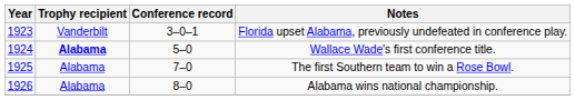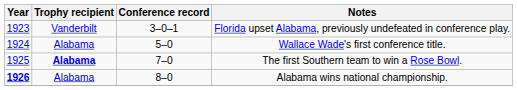 <table class="wikitable sortable">
 <tr>
 <th>Year</th>
 <th>Trophy recipient</th>
 <th>Conference record</th>
 <th>Notes</th>
 </tr>
 <tr align="center">
 <td><a href='#'>1923</a></td>
 <td><a href='#'>Vanderbilt</a></td>
 <td>3–0–1</td>
 <td><a href='#'>Florida</a> upset  <a href='#'>Alabama</a>, previously undefeated in conference play.</td>
 </tr>
 <tr align="center">
 <td><a href='#'>1924</a></td>
-<td><strong><a href='#'>Alabama</a></strong></td>
+<td><a href='#'>Alabama</a></td>
 <td>5–0</td>
 <td><a href='#'>Wallace Wade</a>'s first conference title.</td>
 </tr>
 <tr align="center">
 <td><a href='#'>1925</a></td>
-<td><a href='#'>Alabama</a></td>
+<td><strong><a href='#'>Alabama</a></strong></td>
 <td>7–0</td>
 <td>The first Southern team to win a <a href='#'>Rose Bowl</a>.</td>
 </tr>
 <tr align="center">
-<td><a href='#'>1926</a></td>
+<td><strong><a href='#'>1926</a></strong></td>
 <td><a href='#'>Alabama</a></td>
 <td>8–0</td>
 <td>Alabama wins national championship.</td>
 </tr>
 <tr align="center">
 </tr>
 </table>
